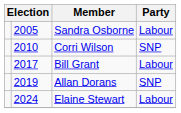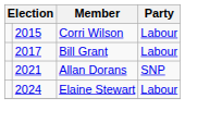 <table class="wikitable">
 <tr>
 <th colspan="2">Election</th>
 <th>Member</th>
 <th>Party</th>
 </tr>
 <tr>
 <td style="color:inherit;background-color: "></td>
-<td><a href='#'>2005</a></td>
-<td><a href='#'>Sandra Osborne</a></td>
+<td><a href='#'>2015</a></td>
+<td><a href='#'>Corri Wilson</a></td>
 <td><a href='#'>Labour</a></td>
-</tr>
-<tr>
-<td style="color:inherit;background-color: "></td>
-<td><a href='#'>2010</a></td>
-<td><a href='#'>Corri Wilson</a></td>
-<td><a href='#'>SNP</a></td>
 </tr>
 <tr>
 <td style="color:inherit;background-color: "></td>
 <td><a href='#'>2017</a></td>
 <td><a href='#'>Bill Grant</a></td>
 <td><a href='#'>Labour</a></td>
 </tr>
 <tr>
 <td style="color:inherit;background-color: "></td>
-<td><a href='#'>2019</a></td>
+<td><a href='#'>2021</a></td>
 <td><a href='#'>Allan Dorans</a></td>
 <td><a href='#'>SNP</a></td>
 </tr>
 <tr>
 <td style="color:inherit;background-color: "></td>
 <td><a href='#'>2024</a></td>
 <td><a href='#'>Elaine Stewart</a></td>
 <td><a href='#'>Labour</a></td>
 </tr>
 <tr>
 </tr>
 </table>
